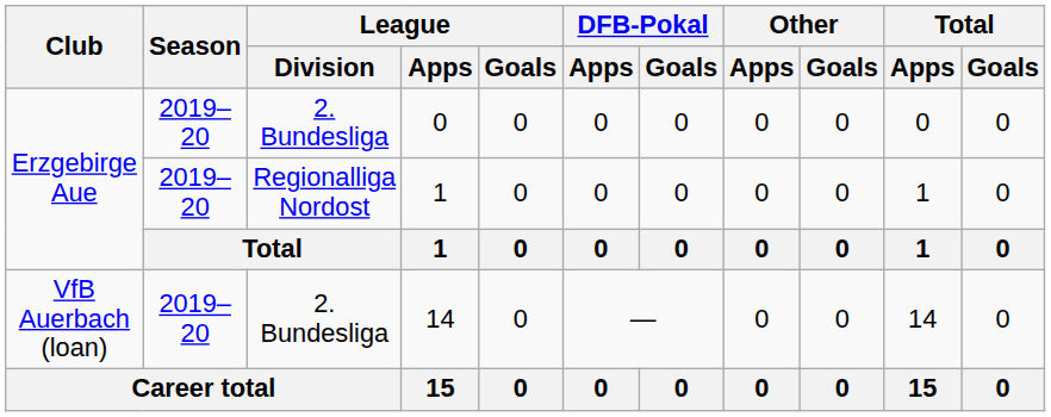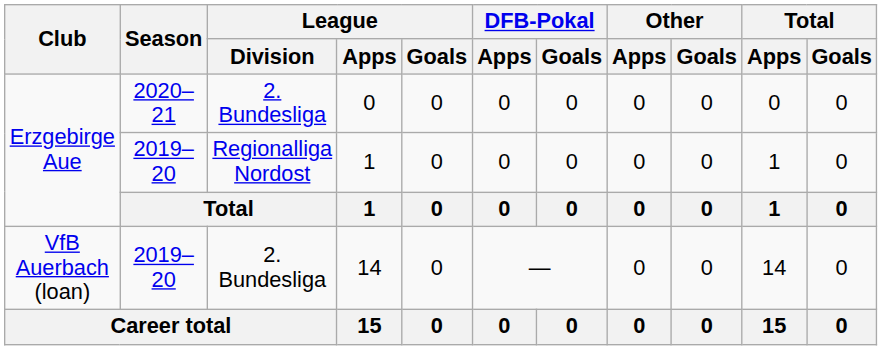 <table class="wikitable" style="text-align: center">
 <tr>
 <th rowspan="2">Club</th>
 <th rowspan="2">Season</th>
 <th colspan="3">League</th>
 <th colspan="2"><a href='#'>DFB-Pokal</a></th>
 <th colspan="2">Other</th>
 <th colspan="2">Total</th>
 </tr>
 <tr>
 <th>Division</th>
 <th>Apps</th>
 <th>Goals</th>
 <th>Apps</th>
 <th>Goals</th>
 <th>Apps</th>
 <th>Goals</th>
 <th>Apps</th>
 <th>Goals</th>
 </tr>
 <tr>
 <td rowspan="3"><a href='#'>Erzgebirge Aue</a></td>
-<td><a href='#'>2019–20</a></td>
+<td><a href='#'>2020–21</a></td>
 <td><a href='#'>2. Bundesliga</a></td>
 <td>0</td>
 <td>0</td>
 <td>0</td>
 <td>0</td>
 <td>0</td>
 <td>0</td>
 <td>0</td>
 <td>0</td>
 </tr>
 <tr>
 <td><a href='#'>2019–20</a></td>
 <td><a href='#'>Regionalliga Nordost</a></td>
 <td>1</td>
 <td>0</td>
 <td>0</td>
 <td>0</td>
 <td>0</td>
 <td>0</td>
 <td>1</td>
 <td>0</td>
 </tr>
 <tr>
 <th colspan="2">Total</th>
 <th>1</th>
 <th>0</th>
 <th>0</th>
 <th>0</th>
 <th>0</th>
 <th>0</th>
 <th>1</th>
 <th>0</th>
 </tr>
 <tr>
 <td><a href='#'>VfB Auerbach</a> (loan)</td>
 <td><a href='#'>2019–20</a></td>
 <td>2. Bundesliga</td>
 <td>14</td>
 <td>0</td>
 <td colspan="2">—</td>
 <td>0</td>
 <td>0</td>
 <td>14</td>
 <td>0</td>
 </tr>
 <tr>
 <th colspan="3">Career total</th>
 <th>15</th>
 <th>0</th>
 <th>0</th>
 <th>0</th>
 <th>0</th>
 <th>0</th>
 <th>15</th>
 <th>0</th>
 </tr>
 </table>
